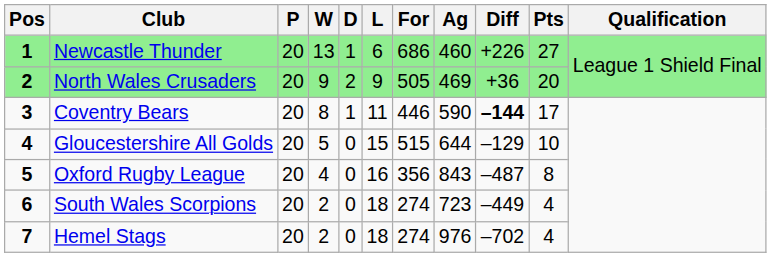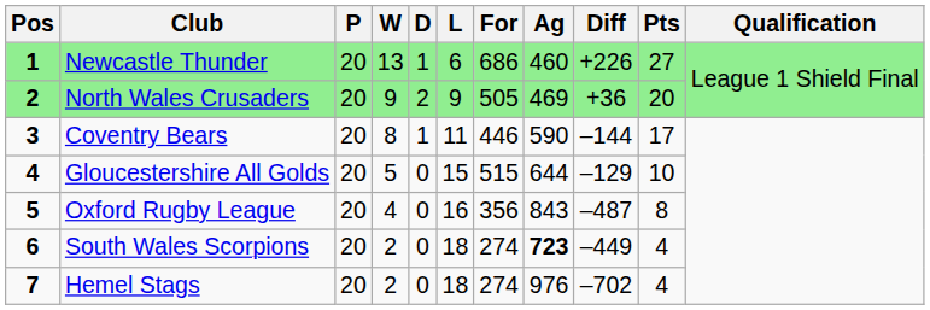 <table class="wikitable" style="text-align:center;">
 <tr>
 <th>Pos</th>
 <th>Club</th>
 <th>P</th>
 <th>W</th>
 <th>D</th>
 <th>L</th>
 <th>For</th>
 <th>Ag</th>
 <th>Diff</th>
 <th>Pts</th>
 <th>Qualification</th>
 </tr>
 <tr align=center style="background:lightgreen;">
 <td><strong>1</strong></td>
 <td style="text-align:left;"> <a href='#'>Newcastle Thunder</a></td>
 <td>20</td>
 <td>13</td>
 <td>1</td>
 <td>6</td>
 <td>686</td>
 <td>460</td>
 <td>+226</td>
 <td>27</td>
 <td rowspan=2>League 1 Shield Final</td>
 </tr>
 <tr align=center style="background:lightgreen;">
 <td><strong>2</strong></td>
 <td style="text-align:left;"> <a href='#'>North Wales Crusaders</a></td>
 <td>20</td>
 <td>9</td>
 <td>2</td>
 <td>9</td>
 <td>505</td>
 <td>469</td>
 <td>+36</td>
 <td>20</td>
 </tr>
 <tr align=center>
 <td><strong>3</strong></td>
 <td style="text-align:left;"> <a href='#'>Coventry Bears</a></td>
 <td>20</td>
 <td>8</td>
 <td>1</td>
 <td>11</td>
 <td>446</td>
 <td>590</td>
-<td><strong>–144</strong></td>
+<td>–144</td>
 <td>17</td>
 <td rowspan=5></td>
 </tr>
 <tr align=center>
 <td><strong>4</strong></td>
 <td style="text-align:left;"> <a href='#'>Gloucestershire All Golds</a></td>
 <td>20</td>
 <td>5</td>
 <td>0</td>
 <td>15</td>
 <td>515</td>
 <td>644</td>
 <td>–129</td>
 <td>10</td>
 </tr>
 <tr --->
 <td><strong>5</strong></td>
 <td style="text-align:left;"> <a href='#'>Oxford Rugby League</a></td>
 <td>20</td>
 <td>4</td>
 <td>0</td>
 <td>16</td>
 <td>356</td>
 <td>843</td>
 <td>–487</td>
 <td>8</td>
 </tr>
 <tr align=center>
 <td><strong>6</strong></td>
 <td style="text-align:left;"> <a href='#'>South Wales Scorpions</a></td>
 <td>20</td>
 <td>2</td>
 <td>0</td>
 <td>18</td>
 <td>274</td>
-<td>723</td>
+<td><strong>723</strong></td>
 <td>–449</td>
 <td>4</td>
 </tr>
 <tr align=center>
 <td><strong>7</strong></td>
 <td style="text-align:left;"> <a href='#'>Hemel Stags</a></td>
 <td>20</td>
 <td>2</td>
 <td>0</td>
 <td>18</td>
 <td>274</td>
 <td>976</td>
 <td>–702</td>
 <td>4</td>
 </tr>
 </table>
